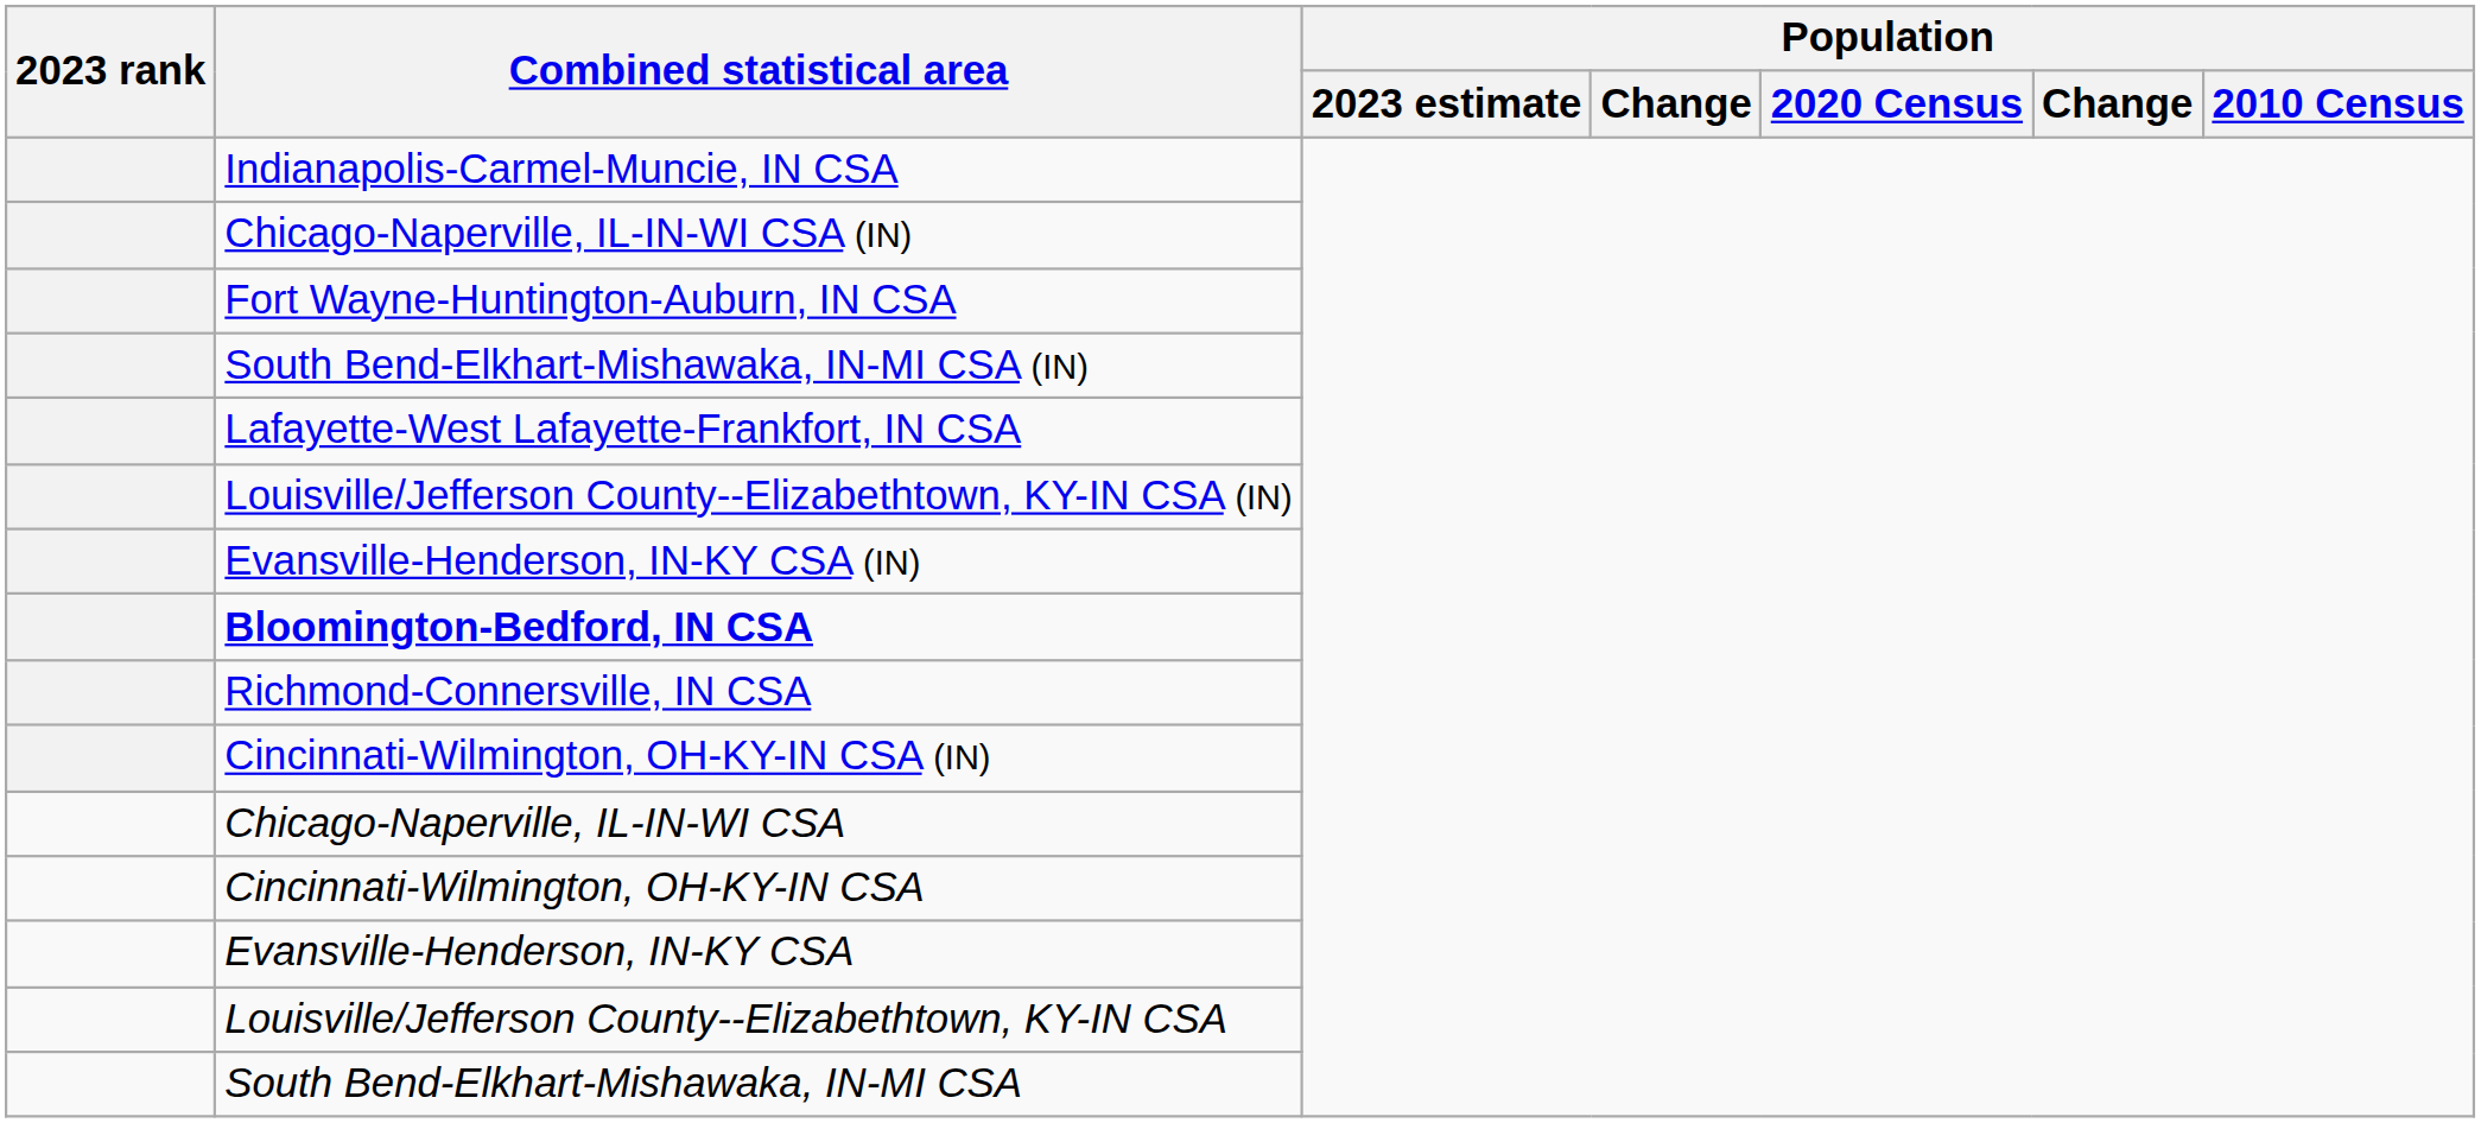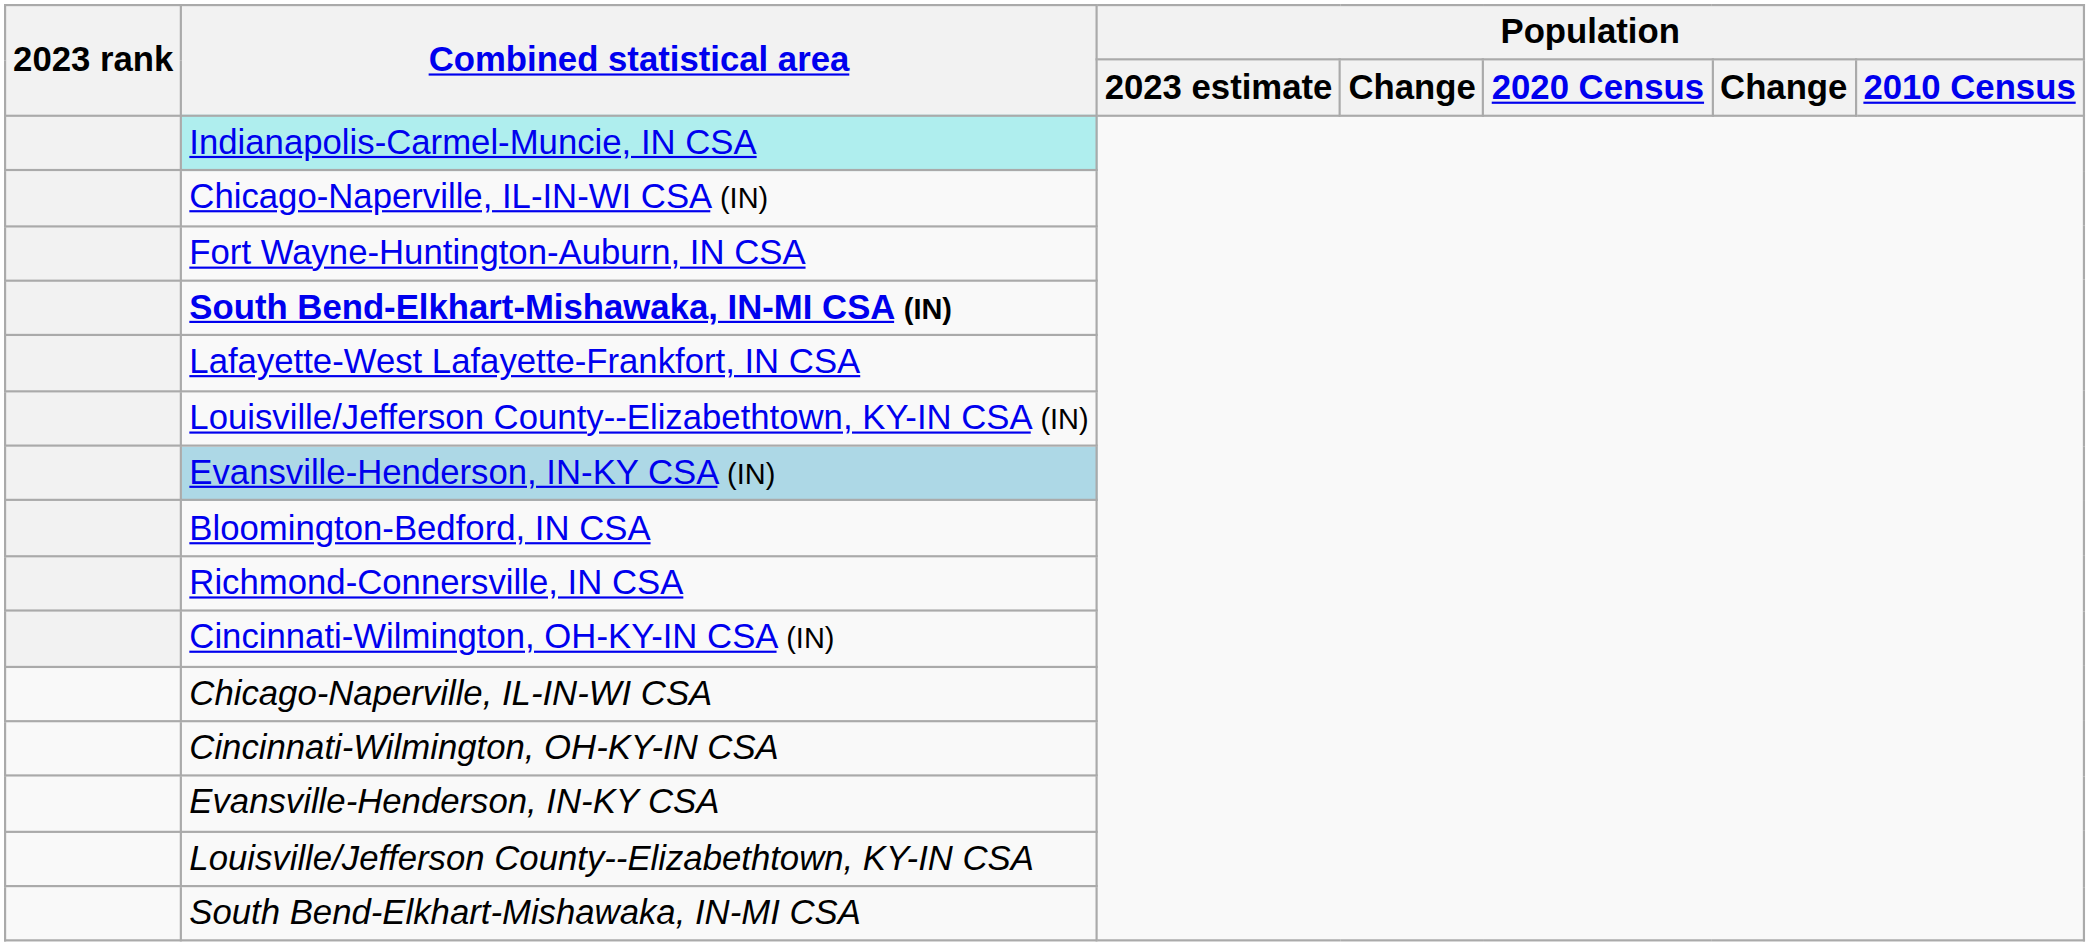 <table class="wikitable sortable">
 <tr>
 <th scope=col rowspan=2>2023 rank</th>
 <th scope=col rowspan=2><a href='#'>Combined statistical area</a></th>
 <th colspan=5>Population</th>
 </tr>
 <tr>
 <th scope=col>2023 estimate</th>
 <th scope=col>Change</th>
 <th scope=col><a href='#'>2020 Census</a></th>
 <th scope=col>Change</th>
 <th scope=col><a href='#'>2010 Census</a></th>
 </tr>
 <tr>
 <th scope=row></th>
-<td><a href='#'>Indianapolis-Carmel-Muncie, IN CSA</a><br></td>
+<td style="background: paleturquoise;"><a href='#'>Indianapolis-Carmel-Muncie, IN CSA</a><br></td>
 </tr>
 <tr>
 <th scope=row></th>
 <td><a href='#'>Chicago-Naperville, IL-IN-WI CSA</a> <small>(IN)</small><br></td>
 </tr>
 <tr>
 <th scope=row></th>
 <td><a href='#'>Fort Wayne-Huntington-Auburn, IN CSA</a><br></td>
 </tr>
 <tr>
 <th scope=row></th>
-<td><a href='#'>South Bend-Elkhart-Mishawaka, IN-MI CSA</a> <small>(IN)</small><br></td>
+<td><strong><a href='#'>South Bend-Elkhart-Mishawaka, IN-MI CSA</a> <small>(IN)</small><br></strong></td>
 </tr>
 <tr>
 <th scope=row></th>
 <td><a href='#'>Lafayette-West Lafayette-Frankfort, IN CSA</a><br></td>
 </tr>
 <tr>
 <th scope=row></th>
 <td><a href='#'>Louisville/Jefferson County--Elizabethtown, KY-IN CSA</a> <small>(IN)</small><br></td>
 </tr>
 <tr>
 <th scope=row></th>
-<td><a href='#'>Evansville-Henderson, IN-KY CSA</a> <small>(IN)</small><br></td>
+<td style="background: lightblue;"><a href='#'>Evansville-Henderson, IN-KY CSA</a> <small>(IN)</small><br></td>
 </tr>
 <tr>
 <th scope=row></th>
-<td><strong><a href='#'>Bloomington-Bedford, IN CSA</a><br></strong></td>
+<td><a href='#'>Bloomington-Bedford, IN CSA</a><br></td>
 </tr>
 <tr>
 <th scope=row></th>
 <td><a href='#'>Richmond-Connersville, IN CSA</a><br></td>
 </tr>
 <tr>
 <th scope=row></th>
 <td><a href='#'>Cincinnati-Wilmington, OH-KY-IN CSA</a> <small>(IN)</small><br></td>
 </tr>
 <tr>
 <td></td>
 <td><em><span>Chicago-Naperville, IL-IN-WI CSA</span></em><br></td>
 </tr>
 <tr>
 <td></td>
 <td><em><span>Cincinnati-Wilmington, OH-KY-IN CSA</span></em><br></td>
 </tr>
 <tr>
 <td></td>
 <td><em><span>Evansville-Henderson, IN-KY CSA</span></em><br></td>
 </tr>
 <tr>
 <td></td>
 <td><em><span>Louisville/Jefferson County--Elizabethtown, KY-IN CSA</span></em><br></td>
 </tr>
 <tr>
 <td></td>
 <td><em><span>South Bend-Elkhart-Mishawaka, IN-MI CSA</span></em><br></td>
 </tr>
 </table>
